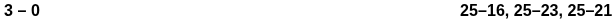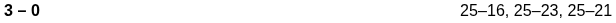 <table width=100% cellspacing=1>
 <tr>
 <th width=20%></th>
 <th width=12%></th>
 <th width=20%></th>
 <th width=33%></th>
 <td></td>
 </tr>
 <tr style=font-size:95%>
 <td align=right><strong></strong></td>
 <td align=center><strong>3 – 0</strong></td>
 <td></td>
-<td><strong>25–16, 25–23, 25–21</strong></td>
+<td>25–16, 25–23, 25–21</td>
 </tr>
 </table>
